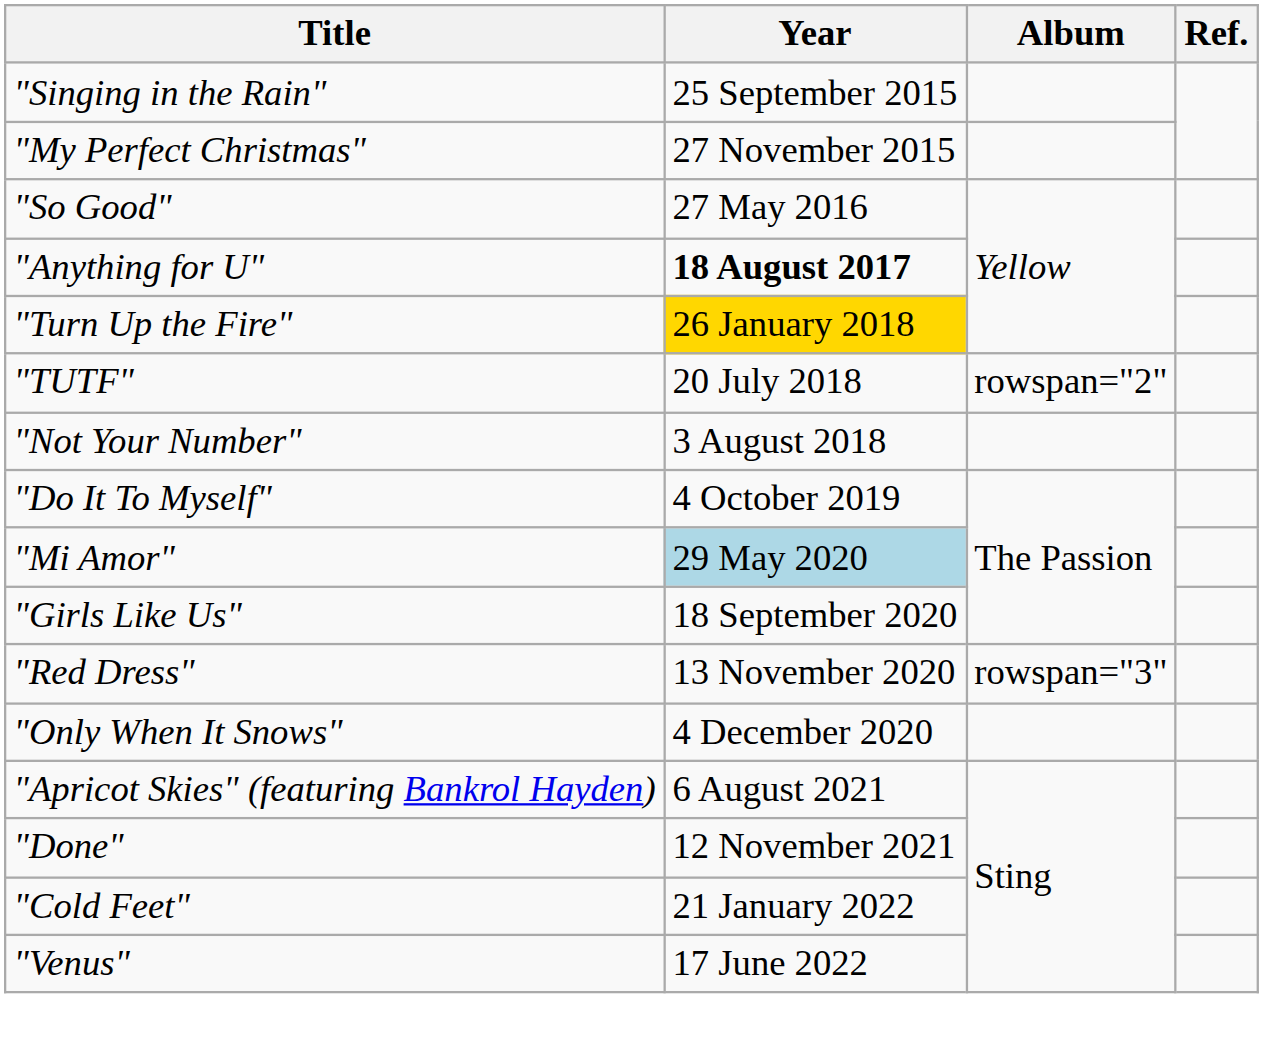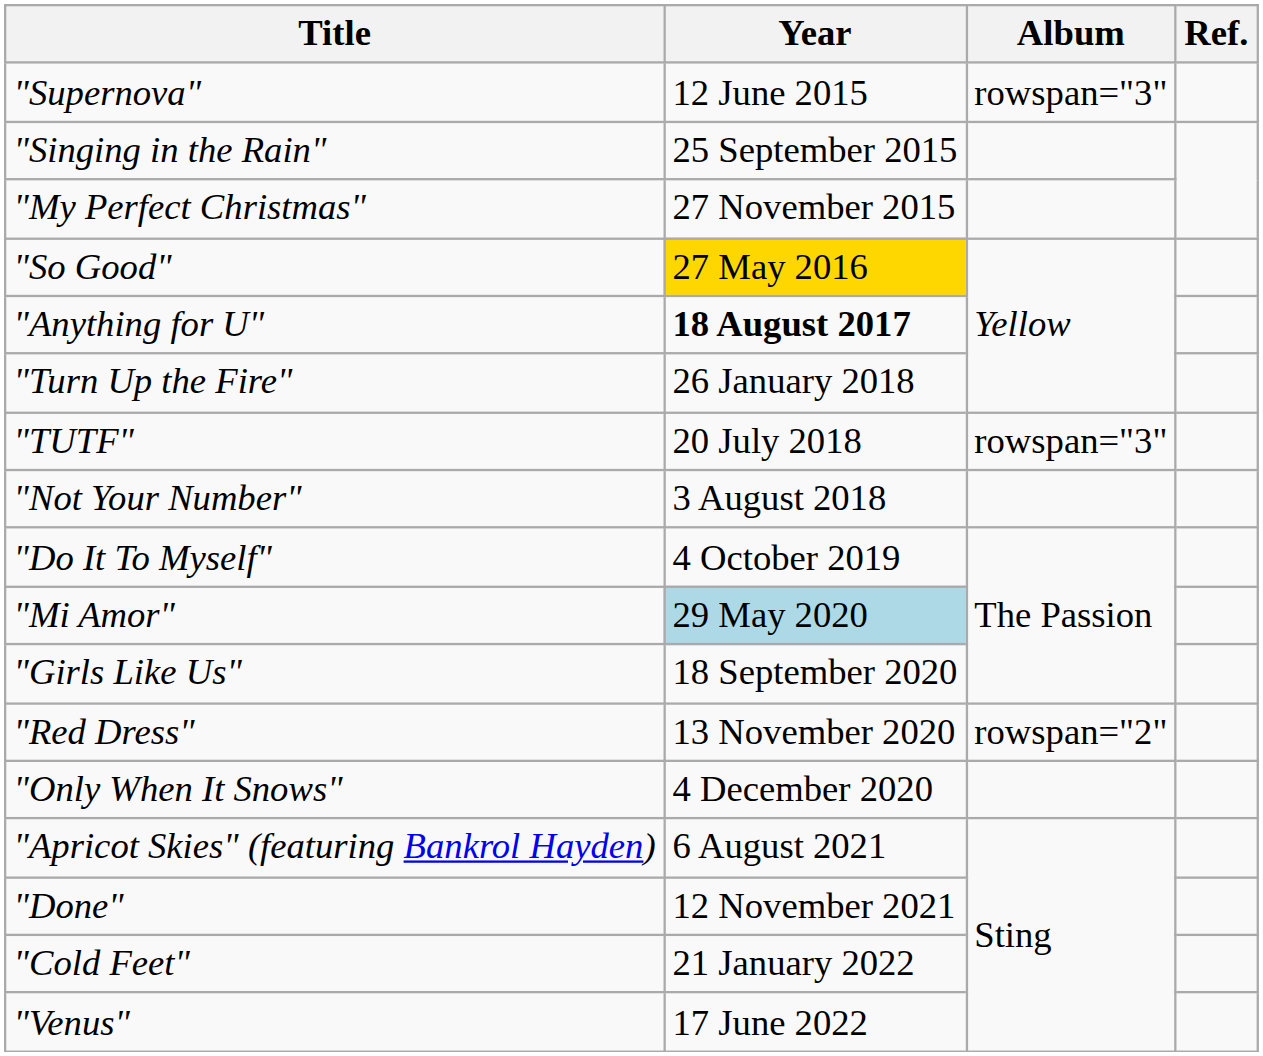 <table class="wikitable">
 <tr>
 <th>Title</th>
 <th>Year</th>
 <th>Album</th>
 <th>Ref.</th>
+</tr>
+<tr>
+<td><em>"Supernova"</em></td>
+<td>12 June 2015</td>
+<td>rowspan="3" </td>
+<td></td>
 </tr>
 <tr>
 <td><em>"Singing in the Rain"</em></td>
 <td>25 September 2015</td>
 <td></td>
 </tr>
 <tr>
 <td><em>"My Perfect Christmas"</em></td>
 <td>27 November 2015</td>
 <td></td>
 </tr>
 <tr>
 <td><em>"So Good"</em></td>
-<td>27 May 2016</td>
+<td style="background: gold;">27 May 2016</td>
 <td rowspan="3"><em>Yellow</em></td>
 <td></td>
 </tr>
 <tr>
 <td><em>"Anything for U"</em></td>
 <td><strong>18 August 2017</strong></td>
 <td></td>
 </tr>
 <tr>
 <td><em>"Turn Up the Fire"</em></td>
-<td style="background: gold;">26 January 2018</td>
+<td>26 January 2018</td>
 <td></td>
 </tr>
 <tr>
 <td><em>"TUTF"</em></td>
 <td>20 July 2018</td>
-<td>rowspan="2" </td>
+<td>rowspan="3" </td>
 <td></td>
 </tr>
 <tr>
 <td><em>"Not Your Number"</em></td>
 <td>3 August 2018</td>
 <td></td>
 </tr>
 <tr>
 <td><em>"Do It To Myself"</em></td>
 <td>4 October 2019</td>
 <td rowspan="3" {{>The Passion</td>
 <td></td>
 </tr>
 <tr>
 <td><em>"Mi Amor"</em></td>
 <td style="background: lightblue;">29 May 2020</td>
 <td></td>
 </tr>
 <tr>
 <td><em>"Girls Like Us"</em></td>
 <td>18 September 2020</td>
 <td></td>
 </tr>
 <tr>
 <td><em>"Red Dress"</em></td>
 <td>13 November 2020</td>
-<td>rowspan="3" </td>
+<td>rowspan="2" </td>
 <td></td>
 </tr>
 <tr>
 <td><em>"Only When It Snows"</em></td>
 <td>4 December 2020</td>
 <td></td>
 </tr>
 <tr>
 <td><em>"Apricot Skies" <span>(featuring <a href='#'>Bankrol Hayden</a>)</span></em></td>
 <td>6 August 2021</td>
 <td rowspan="4" {{>Sting</td>
 <td></td>
 </tr>
 <tr>
 <td><em>"Done"</em></td>
 <td>12 November 2021</td>
 <td></td>
 </tr>
 <tr>
 <td><em>"Cold Feet"</em></td>
 <td>21 January 2022</td>
 <td></td>
 </tr>
 <tr>
 <td><em>"Venus"</em></td>
 <td>17 June 2022</td>
 <td></td>
 </tr>
 </table>
